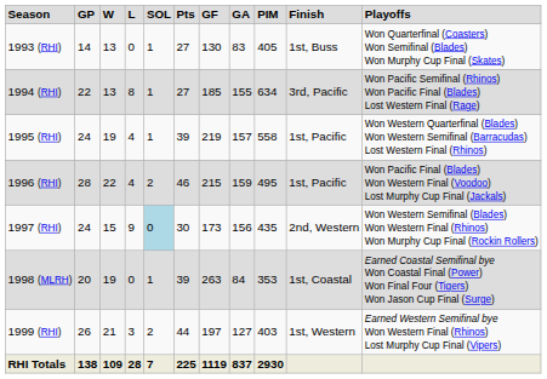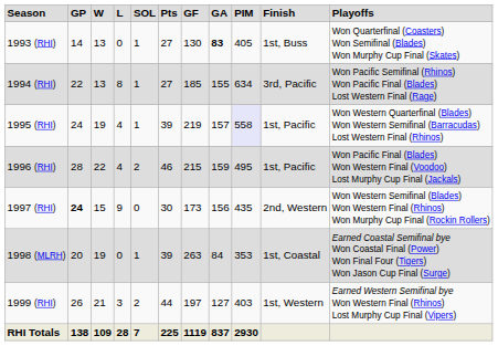 <table class="wikitable">
 <tr style="font-weight:bold; background-color:#dddddd;" |>
 <td>Season</td>
 <td>GP</td>
 <td>W</td>
 <td>L</td>
 <td>SOL</td>
 <td>Pts</td>
 <td>GF</td>
 <td>GA</td>
 <td>PIM</td>
 <td>Finish</td>
 <td>Playoffs</td>
 </tr>
 <tr>
 <td>1993 <small>(<a href='#'>RHI</a>)</small></td>
 <td>14</td>
 <td>13</td>
 <td>0</td>
 <td>1</td>
 <td>27</td>
 <td>130</td>
-<td>83</td>
+<td><strong>83</strong></td>
 <td>405</td>
 <td>1st, Buss</td>
 <td><small>Won Quarterfinal (<a href='#'>Coasters</a>) <br> Won Semifinal (<a href='#'>Blades</a>) <br> Won Murphy Cup Final (<a href='#'>Skates</a>)</small></td>
 </tr>
 <tr bgcolor="#dddddd">
 <td>1994 <small>(<a href='#'>RHI</a>)</small></td>
 <td>22</td>
 <td>13</td>
 <td>8</td>
 <td>1</td>
 <td>27</td>
 <td>185</td>
 <td>155</td>
 <td>634</td>
 <td>3rd, Pacific</td>
 <td><small>Won Pacific Semifinal (<a href='#'>Rhinos</a>) <br> Won Pacific Final (<a href='#'>Blades</a>) <br> Lost Western Final (<a href='#'>Rage</a>)</small></td>
 </tr>
 <tr>
 <td>1995 <small>(<a href='#'>RHI</a>)</small></td>
 <td>24</td>
 <td>19</td>
 <td>4</td>
 <td>1</td>
 <td>39</td>
 <td>219</td>
 <td>157</td>
-<td>558</td>
+<td style="background: lavender;">558</td>
 <td>1st, Pacific</td>
 <td><small>Won Western Quarterfinal (<a href='#'>Blades</a>) <br> Won Western Semifinal (<a href='#'>Barracudas</a>) <br> Lost Western Final (<a href='#'>Rhinos</a>)</small></td>
 </tr>
 <tr bgcolor="#dddddd">
 <td>1996 <small>(<a href='#'>RHI</a>)</small></td>
 <td>28</td>
 <td>22</td>
 <td>4</td>
 <td>2</td>
 <td>46</td>
 <td>215</td>
 <td>159</td>
 <td>495</td>
 <td>1st, Pacific</td>
 <td><small>Won Pacific Final (<a href='#'>Blades</a>) <br> Won Western Final (<a href='#'>Voodoo</a>) <br> Lost Murphy Cup Final (<a href='#'>Jackals</a>)</small></td>
 </tr>
 <tr>
 <td>1997 <small>(<a href='#'>RHI</a>)</small></td>
-<td>24</td>
+<td><strong>24</strong></td>
 <td>15</td>
 <td>9</td>
-<td style="background: lightblue;">0</td>
+<td>0</td>
 <td>30</td>
 <td>173</td>
 <td>156</td>
 <td>435</td>
 <td>2nd, Western</td>
 <td><small>Won Western Semifinal (<a href='#'>Blades</a>) <br> Won Western Final (<a href='#'>Rhinos</a>) <br> Won Murphy Cup Final (<a href='#'>Rockin Rollers</a>)</small></td>
 </tr>
 <tr bgcolor="#dddddd">
 <td>1998 <small>(<a href='#'>MLRH</a>)</small></td>
 <td>20</td>
 <td>19</td>
 <td>0</td>
 <td>1</td>
 <td>39</td>
 <td>263</td>
 <td>84</td>
 <td>353</td>
 <td>1st, Coastal</td>
 <td><small><em>Earned Coastal Semifinal bye</em> <br> Won Coastal Final (<a href='#'>Power</a>) <br> Won Final Four (<a href='#'>Tigers</a>) <br> Won Jason Cup Final (<a href='#'>Surge</a>)</small></td>
 </tr>
 <tr>
 <td>1999 <small>(<a href='#'>RHI</a>)</small></td>
 <td>26</td>
 <td>21</td>
 <td>3</td>
 <td>2</td>
 <td>44</td>
 <td>197</td>
 <td>127</td>
 <td>403</td>
 <td>1st, Western</td>
 <td><small><em>Earned Western Semifinal bye</em> <br> Won Western Final (<a href='#'>Rhinos</a>) <br> Lost Murphy Cup Final (<a href='#'>Vipers</a>)</small></td>
 </tr>
 <tr bgcolor="#eeeddd">
 <td><strong>RHI Totals</strong></td>
 <td><strong>138</strong></td>
 <td><strong>109</strong></td>
 <td><strong>28</strong></td>
 <td><strong>7</strong></td>
 <td><strong>225</strong></td>
 <td><strong>1119</strong></td>
 <td><strong>837</strong></td>
 <td><strong>2930</strong></td>
 <td></td>
 <td></td>
 </tr>
 </table>
